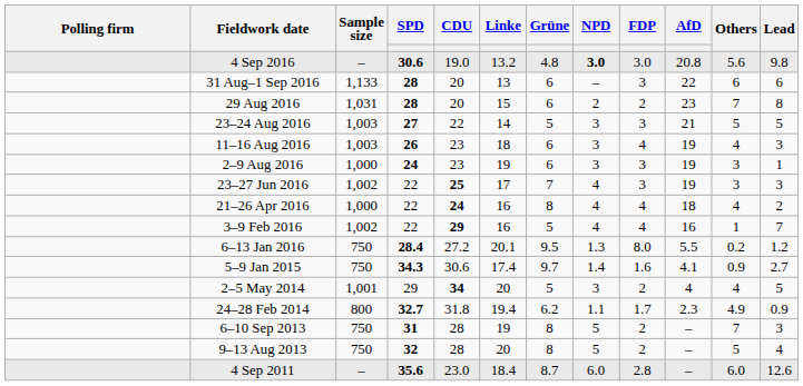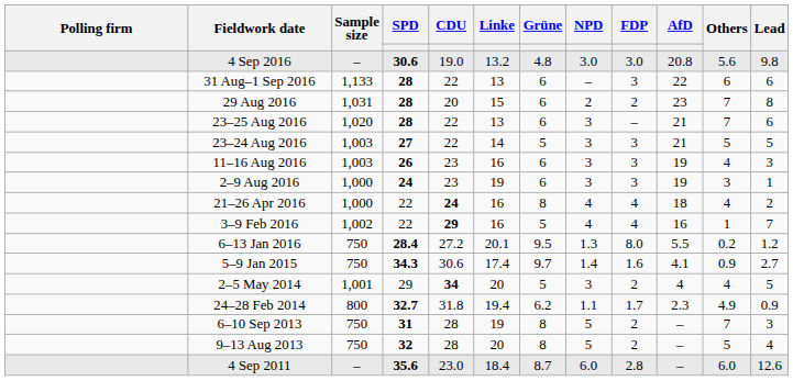 <table class="wikitable sortable" style="text-align:center;font-size:90%;line-height:14px;">
 <tr style="height:40px;">
 <th style="width:180px;" rowspan="2">Polling firm</th>
 <th style="width:140px;" rowspan="2">Fieldwork date</th>
 <th style="width:35px;" rowspan="2">Sample<br>size</th>
 <th class="unsortable" style="width:40px;"><a href='#'>SPD</a></th>
 <th class="unsortable" style="width:40px;"><a href='#'>CDU</a></th>
 <th class="unsortable" style="width:40px;"><a href='#'>Linke</a></th>
 <th class="unsortable" style="width:40px;"><a href='#'>Grüne</a></th>
 <th class="unsortable" style="width:40px;"><a href='#'>NPD</a></th>
 <th class="unsortable" style="width:40px;"><a href='#'>FDP</a></th>
 <th class="unsortable" style="width:40px;"><a href='#'>AfD</a></th>
 <th class="unsortable" style="width:40px;" rowspan="2">Others</th>
 <th style="width:30px;" rowspan="2">Lead</th>
 </tr>
 <tr>
 <th style="background:"></th>
 <th style="background:"></th>
 <th style="background:"></th>
 <th style="background:"></th>
 <th style="background:"></th>
 <th style="background:"></th>
 <th style="background:"></th>
 </tr>
 <tr style="background:#E9E9E9;">
 <td></td>
 <td data-sort-value="2016-09-04">4 Sep 2016</td>
 <td>–</td>
 <td><strong>30.6</strong></td>
 <td>19.0</td>
 <td>13.2</td>
 <td>4.8</td>
-<td><strong>3.0</strong></td>
+<td>3.0</td>
 <td>3.0</td>
 <td>20.8</td>
 <td>5.6</td>
 <td style="background:">9.8</td>
 </tr>
 <tr>
 <td></td>
 <td data-sort-value="2016-09-01">31 Aug–1 Sep 2016</td>
 <td>1,133</td>
 <td><strong>28</strong></td>
-<td>20</td>
+<td>22</td>
 <td>13</td>
 <td>6</td>
 <td>–</td>
 <td>3</td>
 <td>22</td>
 <td>6</td>
 <td style="background:">6</td>
 </tr>
 <tr>
 <td></td>
 <td data-sort-value="2016-08-31">29 Aug 2016</td>
 <td>1,031</td>
 <td><strong>28</strong></td>
 <td>20</td>
 <td>15</td>
 <td>6</td>
 <td>2</td>
 <td>2</td>
 <td>23</td>
 <td>7</td>
 <td style="background:">8</td>
 </tr>
 <tr>
 <td></td>
+<td data-sort-value="2016-08-26">23–25 Aug 2016</td>
+<td>1,020</td>
+<td><strong>28</strong></td>
+<td>22</td>
+<td>13</td>
+<td>6</td>
+<td>3</td>
+<td>–</td>
+<td>21</td>
+<td>7</td>
+<td style="background:">6</td>
+</tr>
+<tr>
+<td></td>
 <td data-sort-value="2016-08-25">23–24 Aug 2016</td>
 <td>1,003</td>
 <td><strong>27</strong></td>
 <td>22</td>
 <td>14</td>
 <td>5</td>
 <td>3</td>
 <td>3</td>
 <td>21</td>
 <td>5</td>
 <td style="background:">5</td>
 </tr>
 <tr>
 <td></td>
 <td data-sort-value="2016-08-18">11–16 Aug 2016</td>
 <td>1,003</td>
 <td><strong>26</strong></td>
 <td>23</td>
-<td>18</td>
+<td>16</td>
 <td>6</td>
 <td>3</td>
-<td>4</td>
+<td>3</td>
 <td>19</td>
 <td>4</td>
 <td style="background:">3</td>
 </tr>
 <tr>
 <td></td>
 <td data-sort-value="2016-08-12">2–9 Aug 2016</td>
 <td>1,000</td>
 <td><strong>24</strong></td>
 <td>23</td>
 <td>19</td>
 <td>6</td>
 <td>3</td>
 <td>3</td>
 <td>19</td>
 <td>3</td>
 <td style="background:">1</td>
-</tr>
-<tr>
-<td></td>
-<td data-sort-value="2016-06-30">23–27 Jun 2016</td>
-<td>1,002</td>
-<td>22</td>
-<td><strong>25</strong></td>
-<td>17</td>
-<td>7</td>
-<td>4</td>
-<td>3</td>
-<td>19</td>
-<td>3</td>
-<td style="background:">3</td>
 </tr>
 <tr>
 <td></td>
 <td data-sort-value="2016-04-28">21–26 Apr 2016</td>
 <td>1,000</td>
 <td>22</td>
 <td><strong>24</strong></td>
 <td>16</td>
 <td>8</td>
 <td>4</td>
 <td>4</td>
 <td>18</td>
 <td>4</td>
 <td style="background:">2</td>
 </tr>
 <tr>
 <td></td>
 <td data-sort-value="2016-02-16">3–9 Feb 2016</td>
 <td>1,002</td>
 <td>22</td>
 <td><strong>29</strong></td>
 <td>16</td>
 <td>5</td>
 <td>4</td>
 <td>4</td>
 <td>16</td>
 <td>1</td>
 <td style="background:">7</td>
 </tr>
 <tr>
 <td></td>
 <td data-sort-value="2016-01-21">6–13 Jan 2016</td>
 <td>750</td>
 <td><strong>28.4</strong></td>
 <td>27.2</td>
 <td>20.1</td>
 <td>9.5</td>
 <td>1.3</td>
 <td>8.0</td>
 <td>5.5</td>
 <td>0.2</td>
 <td style="background:">1.2</td>
 </tr>
 <tr>
 <td></td>
 <td data-sort-value="2015-01-15">5–9 Jan 2015</td>
 <td>750</td>
 <td><strong>34.3</strong></td>
 <td>30.6</td>
 <td>17.4</td>
 <td>9.7</td>
 <td>1.4</td>
 <td>1.6</td>
 <td>4.1</td>
 <td>0.9</td>
 <td style="background:">2.7</td>
 </tr>
 <tr>
 <td></td>
 <td data-sort-value="2014-05-07">2–5 May 2014</td>
 <td>1,001</td>
 <td>29</td>
 <td><strong>34</strong></td>
 <td>20</td>
 <td>5</td>
 <td>3</td>
 <td>2</td>
 <td>4</td>
 <td>4</td>
 <td style="background:">5</td>
 </tr>
 <tr>
 <td></td>
 <td data-sort-value="2014-03-08">24–28 Feb 2014</td>
 <td>800</td>
 <td><strong>32.7</strong></td>
 <td>31.8</td>
 <td>19.4</td>
 <td>6.2</td>
 <td>1.1</td>
 <td>1.7</td>
 <td>2.3</td>
 <td>4.9</td>
 <td style="background:">0.9</td>
 </tr>
 <tr>
 <td></td>
 <td data-sort-value="2013-09-14">6–10 Sep 2013</td>
 <td>750</td>
 <td><strong>31</strong></td>
 <td>28</td>
 <td>19</td>
 <td>8</td>
 <td>5</td>
 <td>2</td>
 <td>–</td>
 <td>7</td>
 <td style="background:">3</td>
 </tr>
 <tr>
 <td></td>
 <td data-sort-value="2013-08-17">9–13 Aug 2013</td>
 <td>750</td>
 <td><strong>32</strong></td>
 <td>28</td>
 <td>20</td>
 <td>8</td>
 <td>5</td>
 <td>2</td>
 <td>–</td>
 <td>5</td>
 <td style="background:">4</td>
 </tr>
 <tr style="background:#E9E9E9;">
 <td></td>
 <td data-sort-value="2011-09-04">4 Sep 2011</td>
 <td>–</td>
 <td><strong>35.6</strong></td>
 <td>23.0</td>
 <td>18.4</td>
 <td>8.7</td>
 <td>6.0</td>
 <td>2.8</td>
 <td>–</td>
 <td>6.0</td>
 <td style="background:">12.6</td>
 </tr>
 </table>
